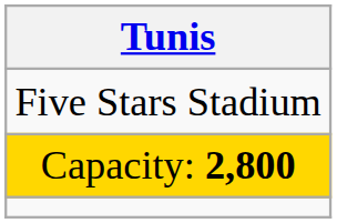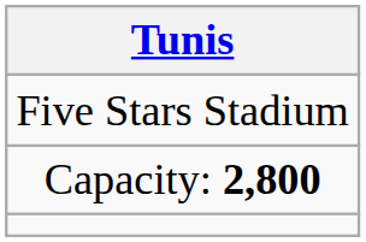 <table class="wikitable" style="margin:auto;text-align:center">
 <tr>
 <th><a href='#'>Tunis</a></th>
 </tr>
 <tr>
 <td>Five Stars Stadium</td>
 </tr>
 <tr>
-<td style="background: gold;">Capacity: <strong>2,800</strong></td>
+<td>Capacity: <strong>2,800</strong></td>
 </tr>
 <tr>
 <td></td>
 </tr>
 </table>
